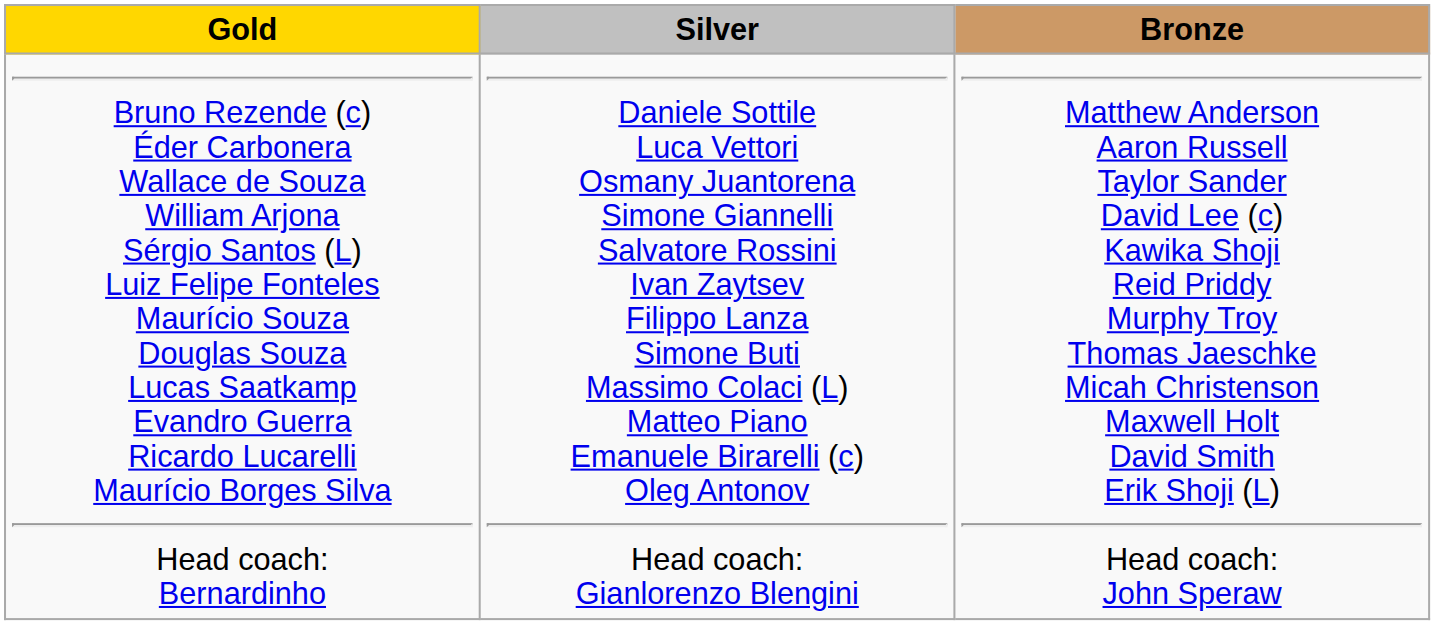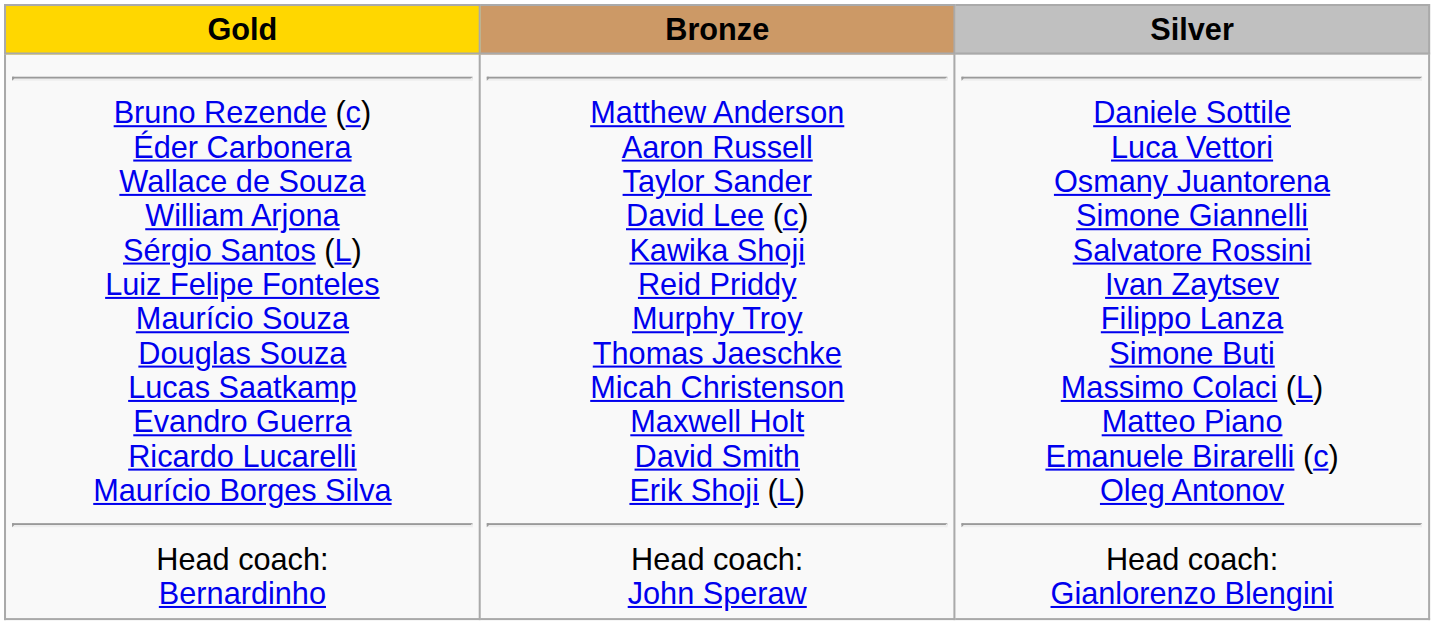 <table class="wikitable" style="text-align:center; font-size:95%">
 <tr>
 <th style="width:15em; background:gold">Gold</th>
+<th style="width:15em; background:#cc9966">Bronze</th>
 <th style="width:15em; background:silver">Silver</th>
-<th style="width:15em; background:#cc9966">Bronze</th>
 </tr>
 <tr>
 <td><hr><a href='#'>Bruno Rezende</a> (<a href='#'>c</a>)<br><a href='#'>Éder Carbonera</a><br><a href='#'>Wallace de Souza</a><br><a href='#'>William Arjona</a><br><a href='#'>Sérgio Santos</a> (<a href='#'>L</a>)<br><a href='#'>Luiz Felipe Fonteles</a><br><a href='#'>Maurício Souza</a><br><a href='#'>Douglas Souza</a><br><a href='#'>Lucas Saatkamp</a><br><a href='#'>Evandro Guerra</a><br><a href='#'>Ricardo Lucarelli</a><br><a href='#'>Maurício Borges Silva</a><br><hr>Head coach:<br><a href='#'>Bernardinho</a></td>
+<td><hr><a href='#'>Matthew Anderson</a><br><a href='#'>Aaron Russell</a><br><a href='#'>Taylor Sander</a><br><a href='#'>David Lee</a> (<a href='#'>c</a>)<br><a href='#'>Kawika Shoji</a><br><a href='#'>Reid Priddy</a><br><a href='#'>Murphy Troy</a><br><a href='#'>Thomas Jaeschke</a><br><a href='#'>Micah Christenson</a><br><a href='#'>Maxwell Holt</a><br><a href='#'>David Smith</a><br><a href='#'>Erik Shoji</a> (<a href='#'>L</a>)<br><hr>Head coach:<br><a href='#'>John Speraw</a></td>
 <td><hr><a href='#'>Daniele Sottile</a><br><a href='#'>Luca Vettori</a><br><a href='#'>Osmany Juantorena</a><br><a href='#'>Simone Giannelli</a><br><a href='#'>Salvatore Rossini</a><br><a href='#'>Ivan Zaytsev</a><br><a href='#'>Filippo Lanza</a><br><a href='#'>Simone Buti</a><br><a href='#'>Massimo Colaci</a> (<a href='#'>L</a>)<br><a href='#'>Matteo Piano</a><br><a href='#'>Emanuele Birarelli</a> (<a href='#'>c</a>)<br><a href='#'>Oleg Antonov</a><br><hr>Head coach:<br><a href='#'>Gianlorenzo Blengini</a></td>
-<td><hr><a href='#'>Matthew Anderson</a><br><a href='#'>Aaron Russell</a><br><a href='#'>Taylor Sander</a><br><a href='#'>David Lee</a> (<a href='#'>c</a>)<br><a href='#'>Kawika Shoji</a><br><a href='#'>Reid Priddy</a><br><a href='#'>Murphy Troy</a><br><a href='#'>Thomas Jaeschke</a><br><a href='#'>Micah Christenson</a><br><a href='#'>Maxwell Holt</a><br><a href='#'>David Smith</a><br><a href='#'>Erik Shoji</a> (<a href='#'>L</a>)<br><hr>Head coach:<br><a href='#'>John Speraw</a></td>
 </tr>
 </table>
